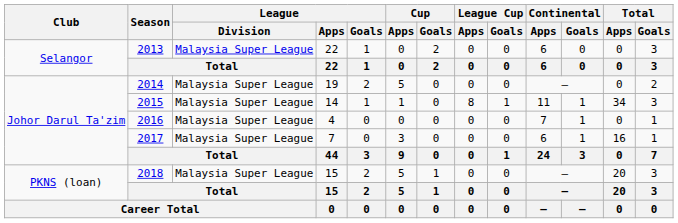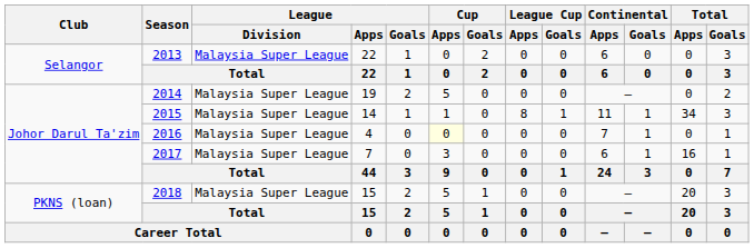 <table class=wikitable style="text-align:center">
 <tr>
 <th rowspan=2>Club</th>
 <th rowspan=2>Season</th>
 <th colspan=3>League</th>
 <th colspan=2>Cup</th>
 <th colspan=2>League Cup</th>
 <th colspan=2>Continental</th>
 <th colspan=2>Total</th>
 </tr>
 <tr>
 <th>Division</th>
 <th>Apps</th>
 <th>Goals</th>
 <th>Apps</th>
 <th>Goals</th>
 <th>Apps</th>
 <th>Goals</th>
 <th>Apps</th>
 <th>Goals</th>
 <th>Apps</th>
 <th>Goals</th>
 </tr>
 <tr>
 <td rowspan=2><a href='#'>Selangor</a></td>
 <td><a href='#'>2013</a></td>
 <td><a href='#'>Malaysia Super League</a></td>
 <td>22</td>
 <td>1</td>
 <td>0</td>
 <td>2</td>
 <td>0</td>
 <td>0</td>
 <td>6</td>
 <td>0</td>
 <td>0</td>
 <td>3 </td>
 </tr>
 <tr>
 <th colspan="2">Total</th>
 <th>22</th>
 <th>1</th>
 <th>0</th>
 <th>2</th>
 <th>0</th>
 <th>0</th>
 <th>6</th>
 <th>0</th>
 <th>0</th>
 <th>3</th>
 </tr>
 <tr>
 <td rowspan=5><a href='#'>Johor Darul Ta'zim</a></td>
 <td><a href='#'>2014</a></td>
 <td>Malaysia Super League</td>
 <td>19</td>
 <td>2</td>
 <td>5</td>
 <td>0</td>
 <td>0</td>
 <td>0</td>
 <td colspan=2>–</td>
 <td>0</td>
 <td>2</td>
 </tr>
 <tr>
 <td><a href='#'>2015</a></td>
 <td>Malaysia Super League</td>
 <td>14</td>
 <td>1</td>
 <td>1</td>
 <td>0</td>
 <td>8</td>
 <td>1</td>
 <td>11</td>
 <td>1</td>
 <td>34</td>
 <td>3</td>
 </tr>
 <tr>
 <td><a href='#'>2016</a></td>
 <td>Malaysia Super League</td>
 <td>4</td>
 <td>0</td>
-<td>0</td>
+<td style="background: lightyellow;">0</td>
 <td>0</td>
 <td>0</td>
 <td>0</td>
 <td>7</td>
 <td>1</td>
 <td>0</td>
 <td>1</td>
 </tr>
 <tr>
 <td><a href='#'>2017</a></td>
 <td>Malaysia Super League</td>
 <td>7</td>
 <td>0</td>
 <td>3</td>
 <td>0</td>
 <td>0</td>
 <td>0</td>
 <td>6</td>
 <td>1</td>
 <td>16</td>
 <td>1</td>
 </tr>
 <tr>
 <th colspan="2">Total</th>
 <th>44</th>
 <th>3</th>
 <th>9</th>
 <th>0</th>
 <th>0</th>
 <th>1</th>
 <th>24</th>
 <th>3</th>
 <th>0</th>
 <th>7</th>
 </tr>
 <tr>
 <td rowspan=2><a href='#'>PKNS</a> (loan)</td>
 <td><a href='#'>2018</a></td>
 <td>Malaysia Super League</td>
 <td>15</td>
 <td>2</td>
 <td>5</td>
 <td>1</td>
 <td>0</td>
 <td>0</td>
 <td colspan=2>–</td>
 <td>20</td>
 <td>3</td>
 </tr>
 <tr>
 <th colspan="2">Total</th>
 <th>15</th>
 <th>2</th>
 <th>5</th>
 <th>1</th>
 <th>0</th>
 <th>0</th>
 <th colspan=2>–</th>
 <th>20</th>
 <th>3</th>
 </tr>
 <tr>
 <th colspan="3">Career Total</th>
 <th>0</th>
 <th>0</th>
 <th>0</th>
 <th>0</th>
 <th>0</th>
 <th>0</th>
 <th>–</th>
 <th>–</th>
 <th>0</th>
 <th>0</th>
 </tr>
 </table>
